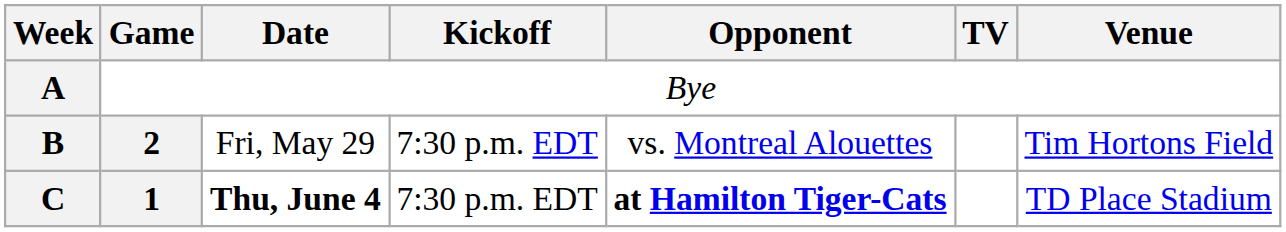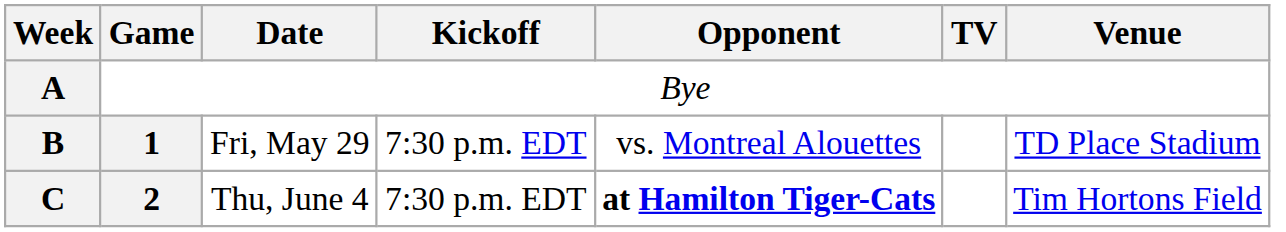 <table class="wikitable" style="font-size: 95%;">
 <tr>
 <th scope="col">Week</th>
 <th scope="col">Game</th>
 <th scope="col">Date</th>
 <th scope="col">Kickoff</th>
 <th scope="col">Opponent</th>
 <th scope="col">TV</th>
 <th scope="col">Venue</th>
 </tr>
 <tr align="center" bgcolor="#ffffff">
 <th align="center">A</th>
 <td colspan=10 align="center" valign="middle"><em>Bye</em></td>
 </tr>
 <tr align="center" bgcolor="#ffffff">
 <th align="center">B</th>
-<th align="center">2</th>
+<th align="center">1</th>
 <td align="center">Fri, May 29</td>
 <td align="center">7:30 p.m. <a href='#'>EDT</a></td>
 <td align="center">vs. <a href='#'>Montreal Alouettes</a></td>
 <td align="center"></td>
-<td align="center"><a href='#'>Tim Hortons Field</a></td>
+<td align="center"><a href='#'>TD Place Stadium</a></td>
 </tr>
 <tr align="center" bgcolor="#ffffff">
 <th align="center">C</th>
-<th align="center">1</th>
-<td align="center"><strong>Thu, June 4</strong></td>
+<th align="center">2</th>
+<td align="center">Thu, June 4</td>
 <td align="center">7:30 p.m. EDT</td>
 <td align="center"><strong>at <a href='#'>Hamilton Tiger-Cats</a></strong></td>
 <td align="center"></td>
-<td align="center"><a href='#'>TD Place Stadium</a></td>
+<td align="center"><a href='#'>Tim Hortons Field</a></td>
 </tr>
 </table>
